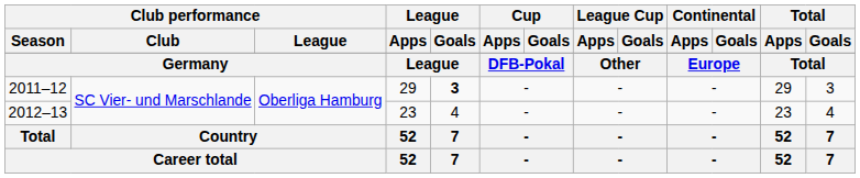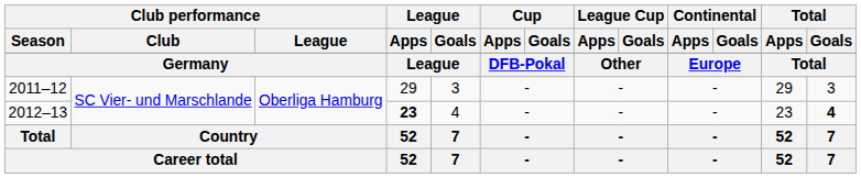 <table class="wikitable" style="text-align:center">
 <tr>
 <th colspan=3>Club performance</th>
 <th colspan=2>League</th>
 <th colspan=2>Cup</th>
 <th colspan=2>League Cup</th>
 <th colspan=2>Continental</th>
 <th colspan=2>Total</th>
 </tr>
 <tr>
 <th>Season</th>
 <th>Club</th>
 <th>League</th>
 <th>Apps</th>
 <th>Goals</th>
 <th>Apps</th>
 <th>Goals</th>
 <th>Apps</th>
 <th>Goals</th>
 <th>Apps</th>
 <th>Goals</th>
 <th>Apps</th>
 <th>Goals</th>
 </tr>
 <tr>
 </tr>
 <tr>
 <th colspan=3>Germany</th>
 <th colspan=2>League</th>
 <th colspan=2><a href='#'>DFB-Pokal</a></th>
 <th colspan=2>Other</th>
 <th colspan=2><a href='#'>Europe</a></th>
 <th colspan=2>Total</th>
 </tr>
 <tr>
 <td>2011–12</td>
 <td rowspan="2"><a href='#'>SC Vier- und Marschlande</a></td>
 <td rowspan="2"><a href='#'>Oberliga Hamburg</a></td>
 <td>29</td>
-<td><strong>3</strong></td>
+<td>3</td>
 <td colspan="2">-</td>
 <td colspan="2">-</td>
 <td colspan="2">-</td>
 <td>29</td>
 <td>3</td>
 </tr>
 <tr>
 <td>2012–13</td>
-<td>23</td>
+<td><strong>23</strong></td>
 <td>4</td>
 <td colspan="2">-</td>
 <td colspan="2">-</td>
 <td colspan="2">-</td>
 <td>23</td>
-<td>4</td>
+<td><strong>4</strong></td>
 </tr>
 <tr>
 <th rowspan=GER>Total</th>
 <th colspan=2>Country</th>
 <th>52</th>
 <th>7</th>
 <th colspan="2">-</th>
 <th colspan="2">-</th>
 <th colspan="2">-</th>
 <th>52</th>
 <th>7</th>
 </tr>
 <tr>
 <th colspan=3>Career total</th>
 <th>52</th>
 <th>7</th>
 <th colspan="2">-</th>
 <th colspan="2">-</th>
 <th colspan="2">-</th>
 <th>52</th>
 <th>7</th>
 </tr>
 </table>
